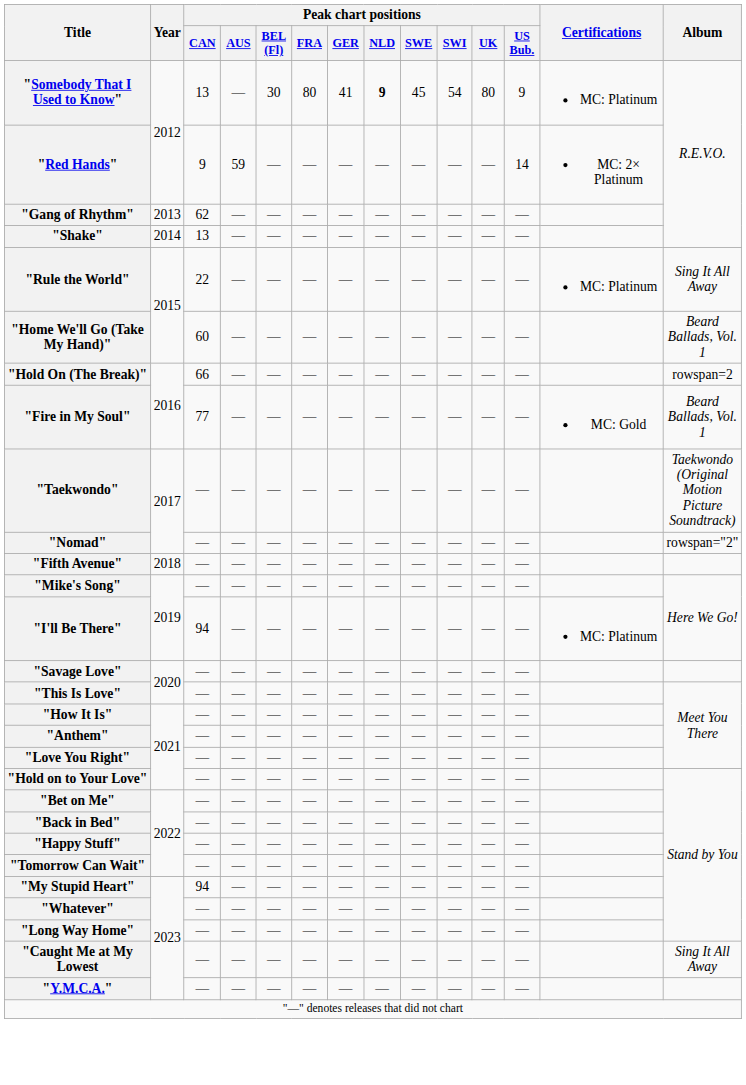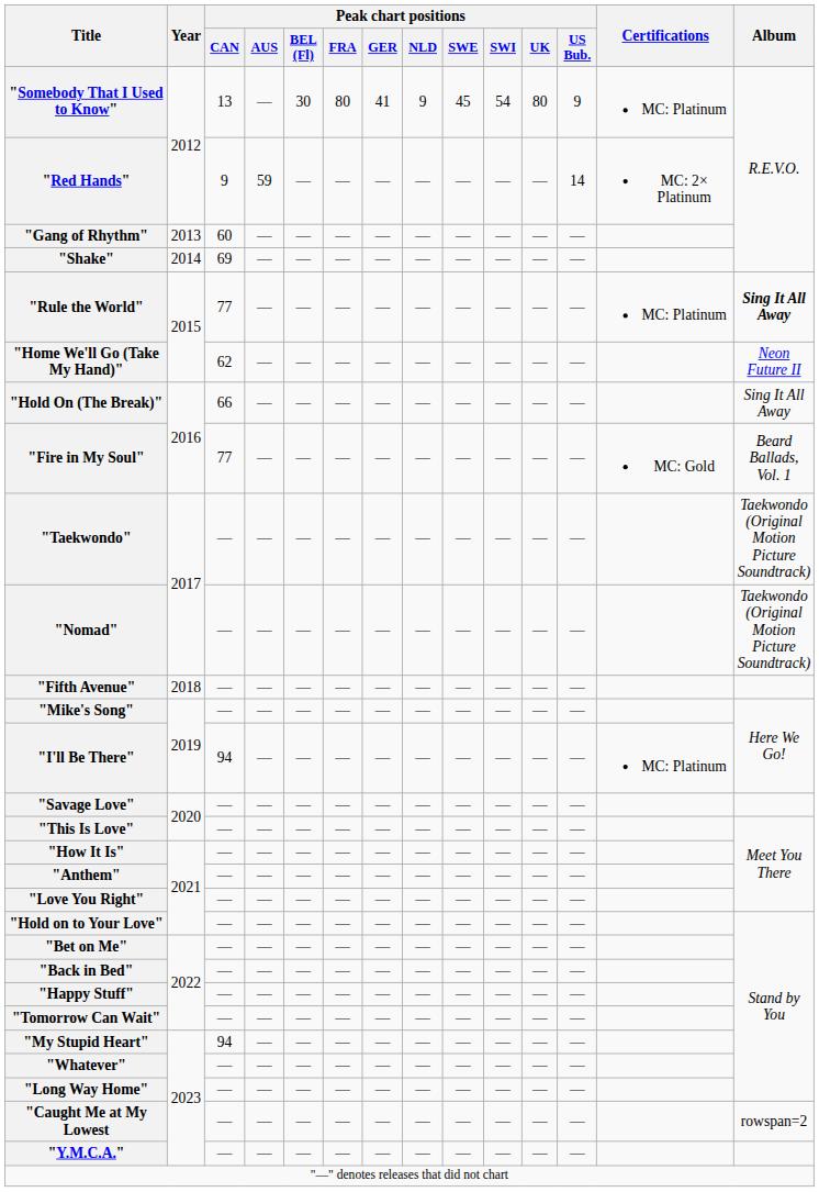 <table class="wikitable plainrowheaders" style="text-align:center;">
 <tr>
 <th scope="col" rowspan="2" style="width:16em;">Title</th>
 <th scope="col" rowspan="2">Year</th>
 <th scope="col" colspan="10">Peak chart positions</th>
 <th scope="col" rowspan="2" style="width:12em;"><a href='#'>Certifications</a></th>
 <th scope="col" rowspan="2">Album</th>
 </tr>
 <tr>
 <th scope="col" style="width:3em;font-size:90%;"><a href='#'>CAN</a><br></th>
 <th scope="col" style="width:3em;font-size:90%;"><a href='#'>AUS</a><br></th>
 <th scope="col" style="width:3em;font-size:90%;"><a href='#'>BEL <br>(Fl)</a><br></th>
 <th scope="col" style="width:3em;font-size:90%;"><a href='#'>FRA</a><br></th>
 <th scope="col" style="width:3em;font-size:90%;"><a href='#'>GER</a><br></th>
 <th scope="col" style="width:3em;font-size:90%;"><a href='#'>NLD</a><br></th>
 <th scope="col" style="width:3em;font-size:90%;"><a href='#'>SWE</a><br></th>
 <th scope="col" style="width:3em;font-size:90%;"><a href='#'>SWI</a><br></th>
 <th scope="col" style="width:3em;font-size:90%;"><a href='#'>UK</a><br></th>
 <th scope="col" style="width:3em;font-size:90%;"><a href='#'>US Bub.</a><br></th>
 </tr>
 <tr>
 <th scope="row">"<a href='#'>Somebody That I Used to Know</a>"</th>
 <td rowspan="2">2012</td>
 <td>13</td>
 <td>—</td>
 <td>30</td>
 <td>80</td>
 <td>41</td>
-<td><strong>9</strong></td>
+<td>9</td>
 <td>45</td>
 <td>54</td>
 <td>80</td>
 <td>9</td>
 <td><br><ul><li>MC: Platinum</li></ul></td>
 <td rowspan="4"><em>R.E.V.O.</em></td>
 </tr>
 <tr>
 <th scope="row">"<a href='#'>Red Hands</a>"</th>
 <td>9</td>
 <td>59</td>
 <td>—</td>
 <td>—</td>
 <td>—</td>
 <td>—</td>
 <td>—</td>
 <td>—</td>
 <td>—</td>
 <td>14</td>
 <td><br><ul><li>MC: 2× Platinum</li></ul></td>
 </tr>
 <tr>
 <th scope="row">"Gang of Rhythm"</th>
 <td>2013</td>
-<td>62</td>
+<td>60</td>
 <td>—</td>
 <td>—</td>
 <td>—</td>
 <td>—</td>
 <td>—</td>
 <td>—</td>
 <td>—</td>
 <td>—</td>
 <td>—</td>
 <td></td>
 </tr>
 <tr>
 <th scope="row">"Shake"</th>
 <td>2014</td>
-<td>13</td>
+<td>69</td>
 <td>—</td>
 <td>—</td>
 <td>—</td>
 <td>—</td>
 <td>—</td>
 <td>—</td>
 <td>—</td>
 <td>—</td>
 <td>—</td>
 <td></td>
 </tr>
 <tr>
 <th scope="row">"Rule the World"</th>
 <td rowspan="2">2015</td>
-<td>22</td>
+<td>77</td>
 <td>—</td>
 <td>—</td>
 <td>—</td>
 <td>—</td>
 <td>—</td>
 <td>—</td>
 <td>—</td>
 <td>—</td>
 <td>—</td>
 <td><br><ul><li>MC: Platinum</li></ul></td>
-<td><em>Sing It All Away</em></td>
+<td><strong><em>Sing It All Away</em></strong></td>
 </tr>
 <tr>
 <th scope="row">"Home We'll Go (Take My Hand)" </th>
-<td>60</td>
+<td>62</td>
 <td>—</td>
 <td>—</td>
 <td>—</td>
 <td>—</td>
 <td>—</td>
 <td>—</td>
 <td>—</td>
 <td>—</td>
 <td>—</td>
 <td></td>
-<td><em>Beard Ballads, Vol. 1</em></td>
+<td><em><a href='#'>Neon Future II</a></em></td>
 </tr>
 <tr>
 <th scope="row">"Hold On (The Break)"</th>
 <td rowspan="2">2016</td>
 <td>66</td>
 <td>—</td>
 <td>—</td>
 <td>—</td>
 <td>—</td>
 <td>—</td>
 <td>—</td>
 <td>—</td>
 <td>—</td>
 <td>—</td>
 <td></td>
-<td>rowspan=2 </td>
+<td><em>Sing It All Away</em></td>
 </tr>
 <tr>
 <th scope="row">"Fire in My Soul"</th>
 <td>77</td>
 <td>—</td>
 <td>—</td>
 <td>—</td>
 <td>—</td>
 <td>—</td>
 <td>—</td>
 <td>—</td>
 <td>—</td>
 <td>—</td>
 <td><br><ul><li>MC: Gold</li></ul></td>
 <td><em>Beard Ballads, Vol. 1</em></td>
 </tr>
 <tr>
 <th scope="row">"Taekwondo"</th>
 <td rowspan="2">2017</td>
 <td>—</td>
 <td>—</td>
 <td>—</td>
 <td>—</td>
 <td>—</td>
 <td>—</td>
 <td>—</td>
 <td>—</td>
 <td>—</td>
 <td>—</td>
 <td></td>
 <td><em>Taekwondo (Original Motion Picture Soundtrack)</em></td>
 </tr>
 <tr>
 <th scope="row">"Nomad"</th>
 <td>—</td>
 <td>—</td>
 <td>—</td>
 <td>—</td>
 <td>—</td>
 <td>—</td>
 <td>—</td>
 <td>—</td>
 <td>—</td>
 <td>—</td>
 <td></td>
-<td>rowspan="2" </td>
+<td><em>Taekwondo (Original Motion Picture Soundtrack)</em></td>
 </tr>
 <tr>
 <th scope="row">"Fifth Avenue"</th>
 <td>2018</td>
 <td>—</td>
 <td>—</td>
 <td>—</td>
 <td>—</td>
 <td>—</td>
 <td>—</td>
 <td>—</td>
 <td>—</td>
 <td>—</td>
 <td>—</td>
 <td></td>
 </tr>
 <tr>
 <th scope="row">"Mike's Song"</th>
 <td rowspan="2">2019</td>
 <td>—</td>
 <td>—</td>
 <td>—</td>
 <td>—</td>
 <td>—</td>
 <td>—</td>
 <td>—</td>
 <td>—</td>
 <td>—</td>
 <td>—</td>
 <td></td>
 <td rowspan="2"><em>Here We Go!</em></td>
 </tr>
 <tr>
 <th scope="row">"I'll Be There"</th>
 <td>94</td>
 <td>—</td>
 <td>—</td>
 <td>—</td>
 <td>—</td>
 <td>—</td>
 <td>—</td>
 <td>—</td>
 <td>—</td>
 <td>—</td>
 <td><br><ul><li>MC: Platinum</li></ul></td>
 </tr>
 <tr>
 <th scope="row">"Savage Love"</th>
 <td rowspan="2">2020</td>
 <td>—</td>
 <td>—</td>
 <td>—</td>
 <td>—</td>
 <td>—</td>
 <td>—</td>
 <td>—</td>
 <td>—</td>
 <td>—</td>
 <td>—</td>
 <td></td>
 <td></td>
 </tr>
 <tr>
 <th scope="row">"This Is Love"</th>
 <td>—</td>
 <td>—</td>
 <td>—</td>
 <td>—</td>
 <td>—</td>
 <td>—</td>
 <td>—</td>
 <td>—</td>
 <td>—</td>
 <td>—</td>
 <td></td>
 <td rowspan="4"><em>Meet You There</em></td>
 </tr>
 <tr>
 <th scope="row">"How It Is"</th>
 <td rowspan="4">2021</td>
 <td>—</td>
 <td>—</td>
 <td>—</td>
 <td>—</td>
 <td>—</td>
 <td>—</td>
 <td>—</td>
 <td>—</td>
 <td>—</td>
 <td>—</td>
 <td></td>
 </tr>
 <tr>
 <th scope="row">"Anthem"</th>
 <td>—</td>
 <td>—</td>
 <td>—</td>
 <td>—</td>
 <td>—</td>
 <td>—</td>
 <td>—</td>
 <td>—</td>
 <td>—</td>
 <td>—</td>
 <td></td>
 </tr>
 <tr>
 <th scope="row">"Love You Right"<br></th>
 <td>—</td>
 <td>—</td>
 <td>—</td>
 <td>—</td>
 <td>—</td>
 <td>—</td>
 <td>—</td>
 <td>—</td>
 <td>—</td>
 <td>—</td>
 <td></td>
 </tr>
 <tr>
 <th scope="row">"Hold on to Your Love"<br></th>
 <td>—</td>
 <td>—</td>
 <td>—</td>
 <td>—</td>
 <td>—</td>
 <td>—</td>
 <td>—</td>
 <td>—</td>
 <td>—</td>
 <td>—</td>
 <td></td>
 <td rowspan="8"><em>Stand by You</em></td>
 </tr>
 <tr>
 <th scope="row">"Bet on Me"<br></th>
 <td rowspan="4">2022</td>
 <td>—</td>
 <td>—</td>
 <td>—</td>
 <td>—</td>
 <td>—</td>
 <td>—</td>
 <td>—</td>
 <td>—</td>
 <td>—</td>
 <td>—</td>
 <td></td>
 </tr>
 <tr>
 <th scope="row">"Back in Bed"</th>
 <td>—</td>
 <td>—</td>
 <td>—</td>
 <td>—</td>
 <td>—</td>
 <td>—</td>
 <td>—</td>
 <td>—</td>
 <td>—</td>
 <td>—</td>
 <td></td>
 </tr>
 <tr>
 <th scope="row">"Happy Stuff"</th>
 <td>—</td>
 <td>—</td>
 <td>—</td>
 <td>—</td>
 <td>—</td>
 <td>—</td>
 <td>—</td>
 <td>—</td>
 <td>—</td>
 <td>—</td>
 <td></td>
 </tr>
 <tr>
 <th scope="row">"Tomorrow Can Wait"<br></th>
 <td>—</td>
 <td>—</td>
 <td>—</td>
 <td>—</td>
 <td>—</td>
 <td>—</td>
 <td>—</td>
 <td>—</td>
 <td>—</td>
 <td>—</td>
 <td></td>
 </tr>
 <tr>
 <th scope="row">"My Stupid Heart"</th>
 <td rowspan="5">2023</td>
 <td>94</td>
 <td>—</td>
 <td>—</td>
 <td>—</td>
 <td>—</td>
 <td>—</td>
 <td>—</td>
 <td>—</td>
 <td>—</td>
 <td>—</td>
 <td></td>
 </tr>
 <tr>
 <th scope="row">"Whatever"</th>
 <td>—</td>
 <td>—</td>
 <td>—</td>
 <td>—</td>
 <td>—</td>
 <td>—</td>
 <td>—</td>
 <td>—</td>
 <td>—</td>
 <td>—</td>
 <td></td>
 </tr>
 <tr>
 <th scope="row">"Long Way Home"<br></th>
 <td>—</td>
 <td>—</td>
 <td>—</td>
 <td>—</td>
 <td>—</td>
 <td>—</td>
 <td>—</td>
 <td>—</td>
 <td>—</td>
 <td>—</td>
 <td></td>
 </tr>
 <tr>
 <th scope="row">"Caught Me at My Lowest<br> </th>
 <td>—</td>
 <td>—</td>
 <td>—</td>
 <td>—</td>
 <td>—</td>
 <td>—</td>
 <td>—</td>
 <td>—</td>
 <td>—</td>
 <td>—</td>
 <td></td>
-<td><em>Sing It All Away</em></td>
+<td>rowspan=2 </td>
 </tr>
 <tr>
 <th scope="row">"<a href='#'>Y.M.C.A.</a>"</th>
 <td>—</td>
 <td>—</td>
 <td>—</td>
 <td>—</td>
 <td>—</td>
 <td>—</td>
 <td>—</td>
 <td>—</td>
 <td>—</td>
 <td>—</td>
 <td></td>
 </tr>
 <tr>
 <td colspan="17" style="font-size:85%">"—" denotes releases that did not chart</td>
 </tr>
 </table>
